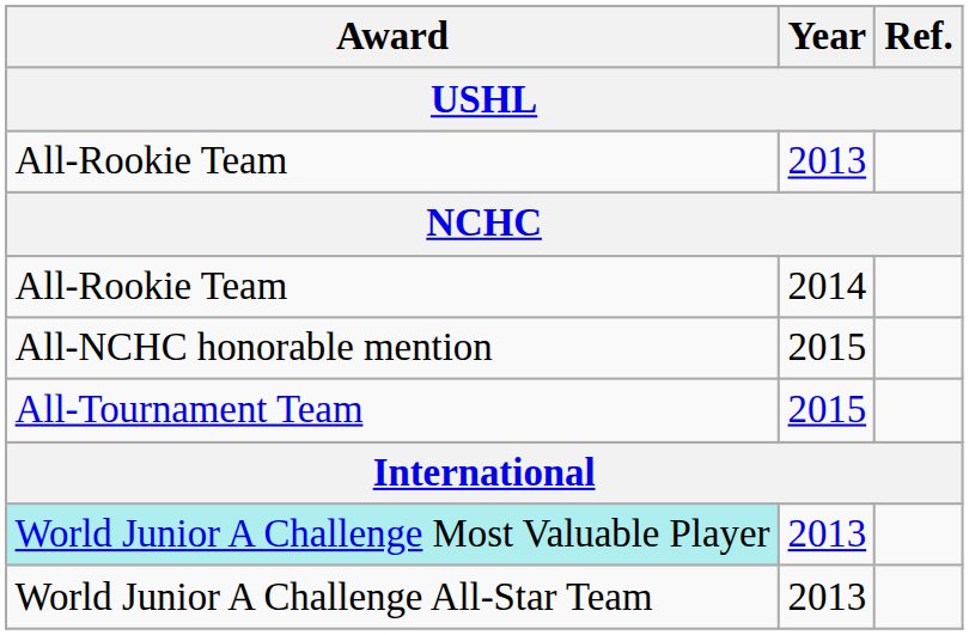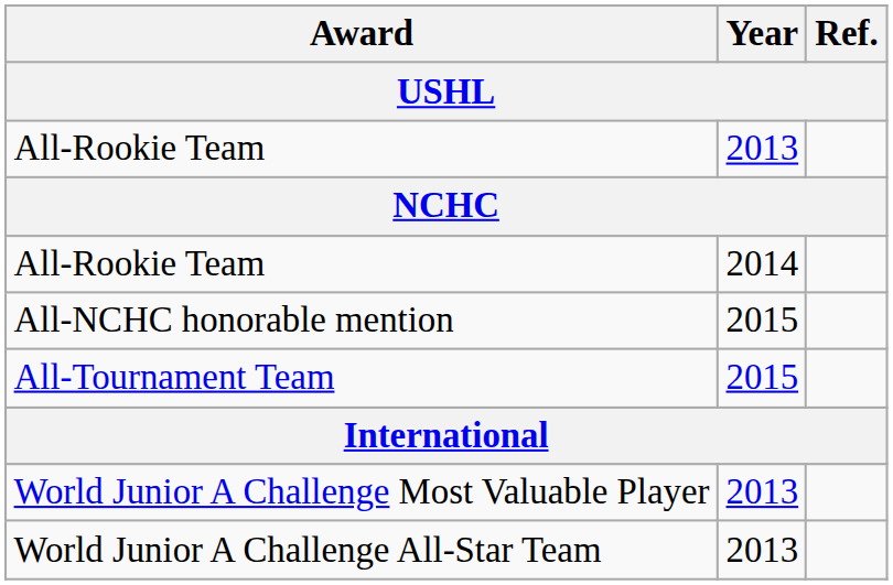 <table class="wikitable">
 <tr>
 <th>Award</th>
 <th>Year</th>
 <th>Ref.</th>
 </tr>
 <tr>
 <th colspan="3"><a href='#'>USHL</a></th>
 </tr>
 <tr>
 <td>All-Rookie Team</td>
 <td><a href='#'>2013</a></td>
 <td></td>
 </tr>
 <tr>
 <th colspan="3"><a href='#'>NCHC</a></th>
 </tr>
 <tr>
 <td>All-Rookie Team</td>
 <td>2014</td>
 <td></td>
 </tr>
 <tr>
 <td>All-NCHC honorable mention</td>
 <td>2015</td>
 <td></td>
 </tr>
 <tr>
 <td><a href='#'>All-Tournament Team</a></td>
 <td><a href='#'>2015</a></td>
 <td></td>
 </tr>
 <tr>
 <th colspan="3"><a href='#'>International</a></th>
 </tr>
 <tr>
-<td style="background: paleturquoise;"><a href='#'>World Junior A Challenge</a> Most Valuable Player</td>
+<td><a href='#'>World Junior A Challenge</a> Most Valuable Player</td>
 <td><a href='#'>2013</a></td>
 <td></td>
 </tr>
 <tr>
 <td>World Junior A Challenge All-Star Team</td>
 <td>2013</td>
 <td></td>
 </tr>
 </table>
